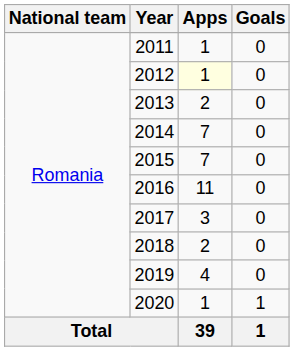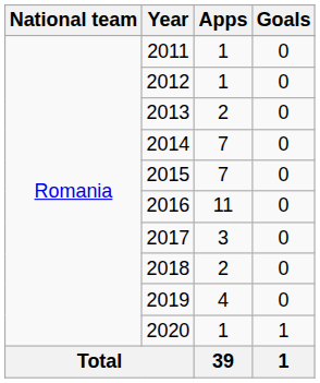 <table class="wikitable" style="text-align: center;">
 <tr>
 <th>National team</th>
 <th>Year</th>
 <th>Apps</th>
 <th>Goals</th>
 </tr>
 <tr>
 <td rowspan="11"><a href='#'>Romania</a></td>
 </tr>
 <tr>
 <td>2011</td>
 <td>1</td>
 <td>0</td>
 </tr>
 <tr>
 <td>2012</td>
-<td style="background: lightyellow;">1</td>
+<td>1</td>
 <td>0</td>
 </tr>
 <tr>
 <td>2013</td>
 <td>2</td>
 <td>0</td>
 </tr>
 <tr>
 <td>2014</td>
 <td>7</td>
 <td>0</td>
 </tr>
 <tr>
 <td>2015</td>
 <td>7</td>
 <td>0</td>
 </tr>
 <tr>
 <td>2016</td>
 <td>11</td>
 <td>0</td>
 </tr>
 <tr>
 <td>2017</td>
 <td>3</td>
 <td>0</td>
 </tr>
 <tr>
 <td>2018</td>
 <td>2</td>
 <td>0</td>
 </tr>
 <tr>
 <td>2019</td>
 <td>4</td>
 <td>0</td>
 </tr>
 <tr>
 <td>2020</td>
 <td>1</td>
 <td>1</td>
 </tr>
 <tr>
 <th colspan="2">Total</th>
 <th>39</th>
 <th>1</th>
 </tr>
 </table>
